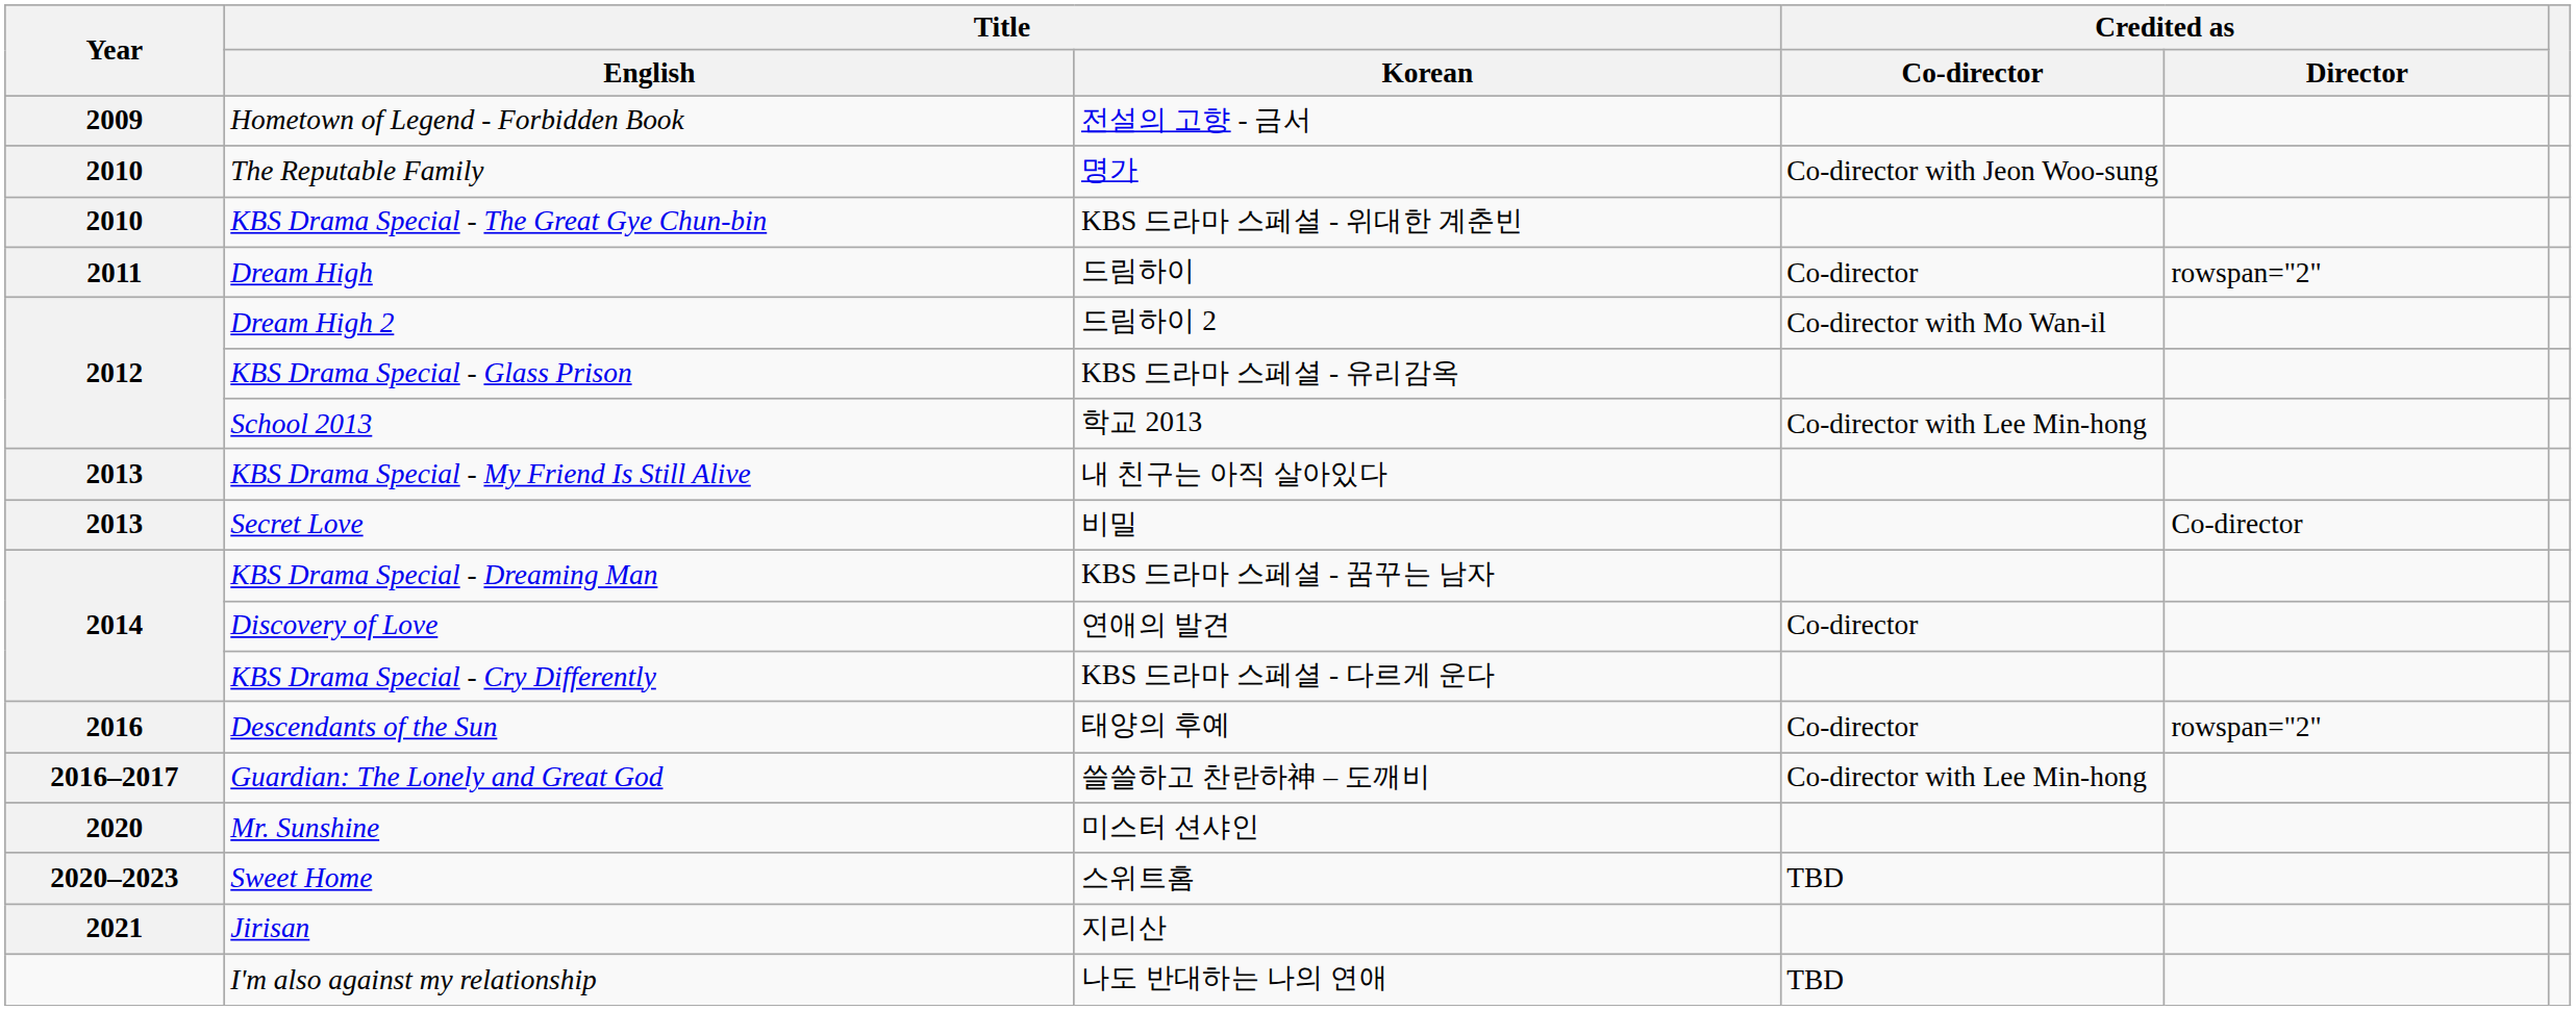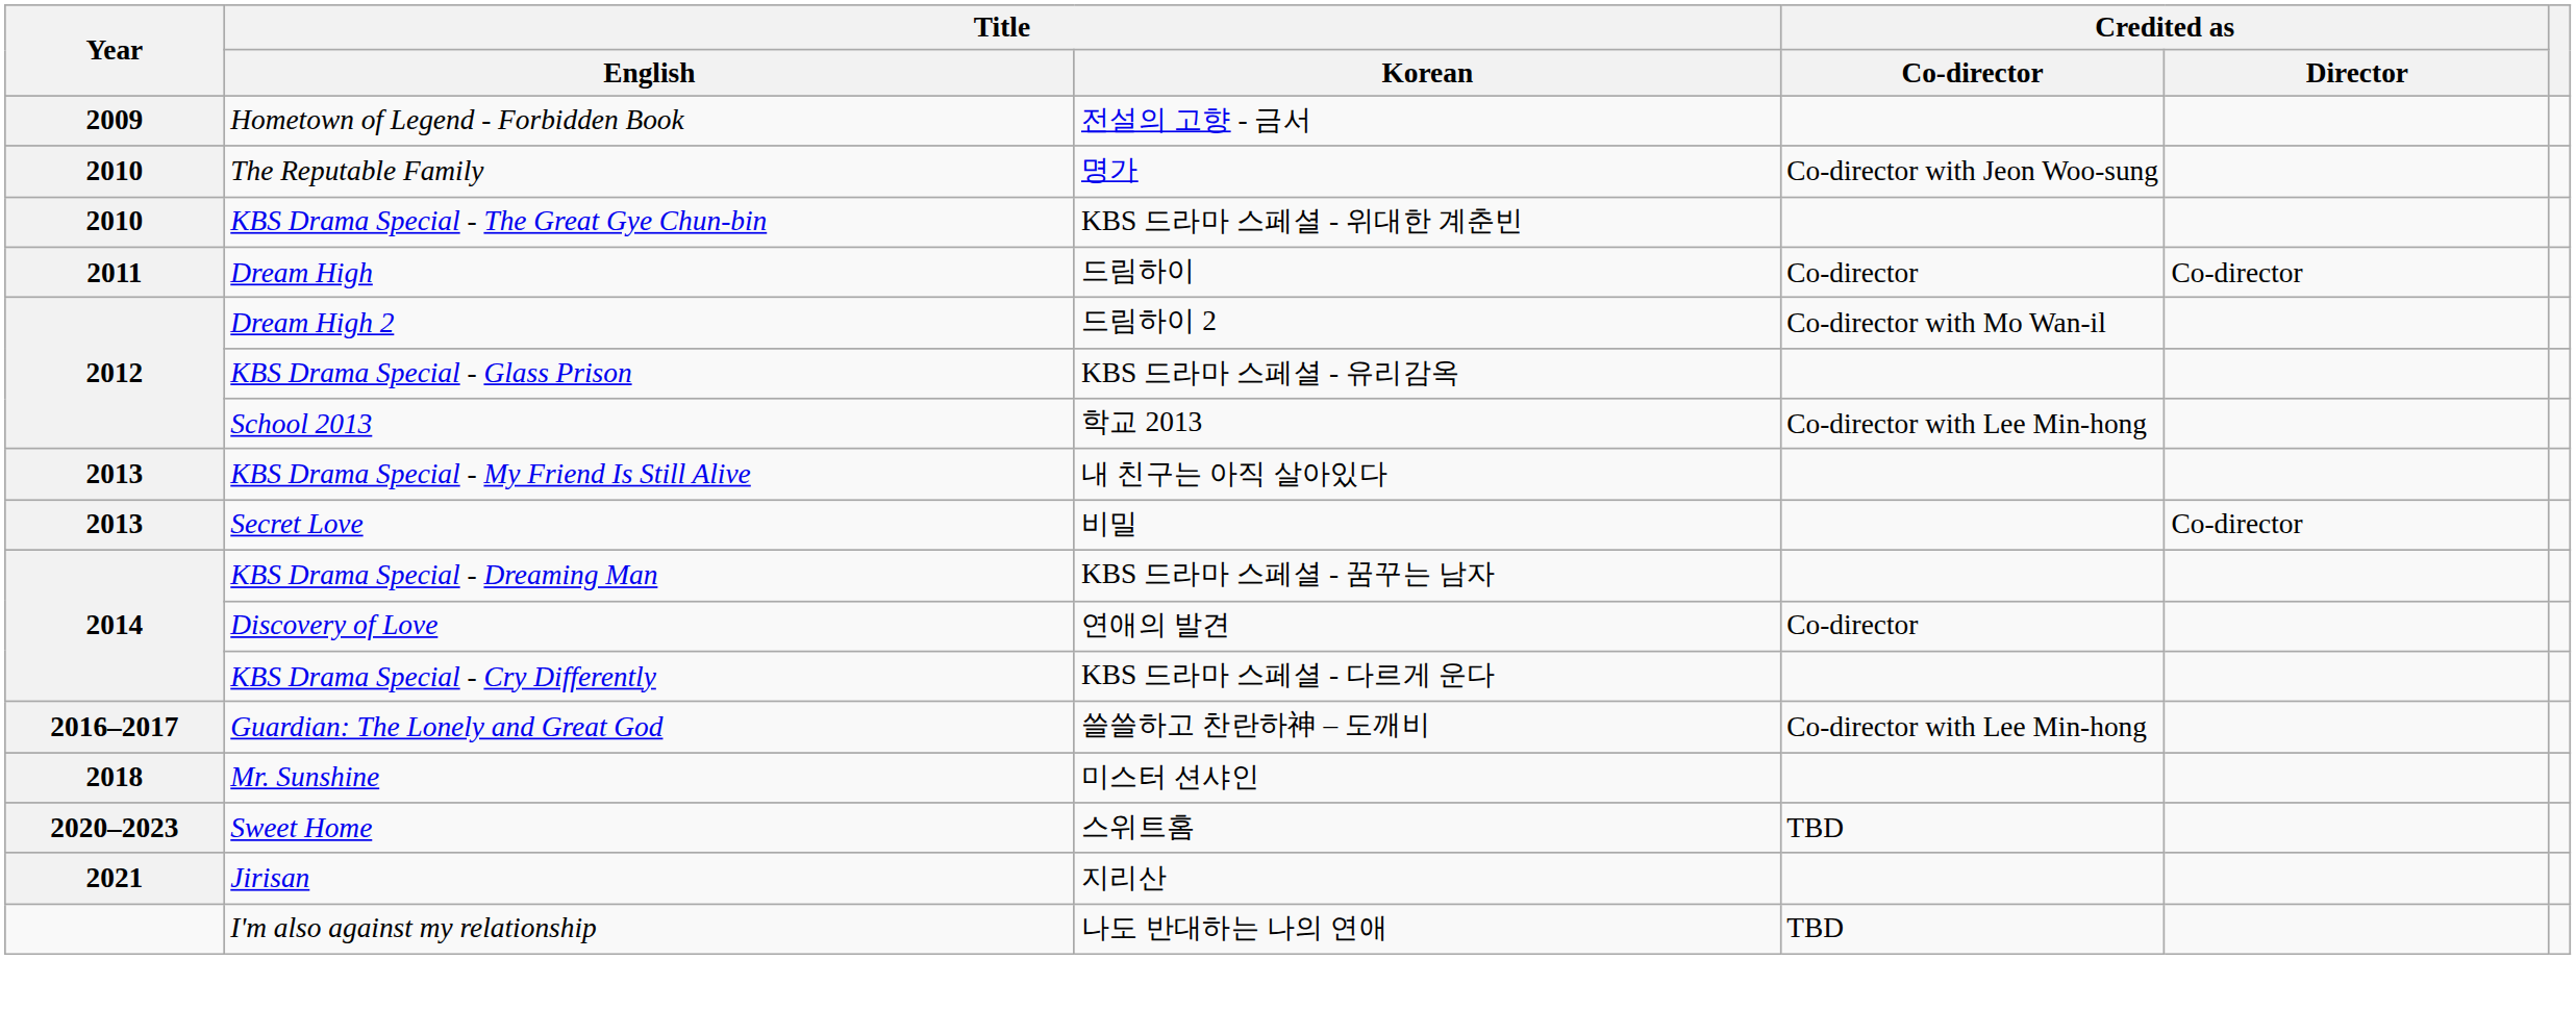 <table class="wikitable sortable plainrowheaders">
 <tr>
 <th rowspan="2">Year</th>
 <th colspan="2">Title</th>
 <th colspan="2">Credited as</th>
 <th rowspan="2" class="unsortable"></th>
 </tr>
 <tr>
 <th>English</th>
 <th>Korean</th>
 <th width="15%">Co-director</th>
 <th width="15%">Director</th>
 </tr>
 <tr>
 <th scope="row">2009</th>
 <td><em>Hometown of Legend - Forbidden Book</em></td>
 <td><a href='#'>전설의 고향</a> - 금서</td>
 <td></td>
 <td></td>
 <td></td>
 </tr>
 <tr>
 <th scope="row">2010</th>
 <td><em>The Reputable Family</em></td>
 <td><a href='#'>명가</a></td>
 <td>Co-director with Jeon Woo-sung</td>
 <td></td>
 <td></td>
 </tr>
 <tr>
 <th scope="row">2010</th>
 <td><em><a href='#'>KBS Drama Special</a> - <a href='#'>The Great Gye Chun-bin</a></em></td>
 <td>KBS 드라마 스페셜 - 위대한 계춘빈</td>
 <td></td>
 <td></td>
 <td></td>
 </tr>
 <tr>
 <th scope="row">2011</th>
 <td><em><a href='#'>Dream High</a></em></td>
 <td>드림하이</td>
 <td>Co-director</td>
-<td>rowspan="2" </td>
+<td>Co-director</td>
 <td></td>
 </tr>
 <tr>
 <th rowspan="3" scope="row">2012</th>
 <td><em><a href='#'>Dream High 2</a></em></td>
 <td>드림하이 2</td>
 <td>Co-director with Mo Wan-il</td>
 <td></td>
 </tr>
 <tr>
 <td><em><a href='#'>KBS Drama Special</a> - <a href='#'>Glass Prison</a></em></td>
 <td>KBS 드라마 스페셜 - 유리감옥</td>
 <td></td>
 <td></td>
 <td></td>
 </tr>
 <tr>
 <td><em><a href='#'>School 2013</a></em></td>
 <td>학교 2013</td>
 <td>Co-director with Lee Min-hong</td>
 <td></td>
 <td></td>
 </tr>
 <tr>
 <th scope="row">2013</th>
 <td><em><a href='#'>KBS Drama Special</a> - <a href='#'>My Friend Is Still Alive</a></em></td>
 <td>내 친구는 아직 살아있다</td>
 <td></td>
 <td></td>
 <td></td>
 </tr>
 <tr>
 <th scope="row">2013</th>
 <td><em><a href='#'>Secret Love</a></em></td>
 <td>비밀</td>
 <td></td>
 <td>Co-director</td>
 <td></td>
 </tr>
 <tr>
 <th rowspan="3" scope="row">2014</th>
 <td><em><a href='#'>KBS Drama Special</a> - <a href='#'>Dreaming Man</a></em></td>
 <td>KBS 드라마 스페셜 - 꿈꾸는 남자</td>
 <td></td>
 <td></td>
 <td></td>
 </tr>
 <tr>
 <td><em><a href='#'>Discovery of Love</a></em></td>
 <td>연애의 발견</td>
 <td>Co-director</td>
 <td></td>
 <td></td>
 </tr>
 <tr>
 <td><em><a href='#'>KBS Drama Special</a> - <a href='#'>Cry Differently</a></em></td>
 <td>KBS 드라마 스페셜 - 다르게 운다</td>
 <td></td>
 <td></td>
 <td></td>
 </tr>
 <tr>
-<th scope="row">2016</th>
-<td><em><a href='#'>Descendants of the Sun</a></em></td>
-<td>태양의 후예</td>
-<td>Co-director</td>
-<td>rowspan="2" </td>
-<td></td>
-</tr>
-<tr>
 <th scope="row">2016–2017</th>
 <td><em><a href='#'>Guardian: The Lonely and Great God</a></em></td>
 <td>쓸쓸하고 찬란하神 – 도깨비</td>
 <td>Co-director with Lee Min-hong</td>
 <td></td>
 </tr>
 <tr>
-<th scope="row">2020</th>
+<th scope="row">2018</th>
 <td><em><a href='#'>Mr. Sunshine</a></em></td>
 <td>미스터 션샤인</td>
 <td></td>
 <td></td>
 <td></td>
 </tr>
 <tr>
 <th scope="row">2020–2023</th>
 <td><em><a href='#'>Sweet Home</a></em></td>
 <td>스위트홈</td>
 <td>TBD</td>
 <td></td>
 <td></td>
 </tr>
 <tr>
 <th scope="row">2021</th>
 <td><em><a href='#'>Jirisan</a></em></td>
 <td>지리산</td>
 <td></td>
 <td></td>
 <td></td>
 </tr>
 <tr>
 <td></td>
 <td><em>I'm also against my relationship</em></td>
 <td>나도 반대하는 나의 연애</td>
 <td>TBD</td>
 <td></td>
 </tr>
 </table>
